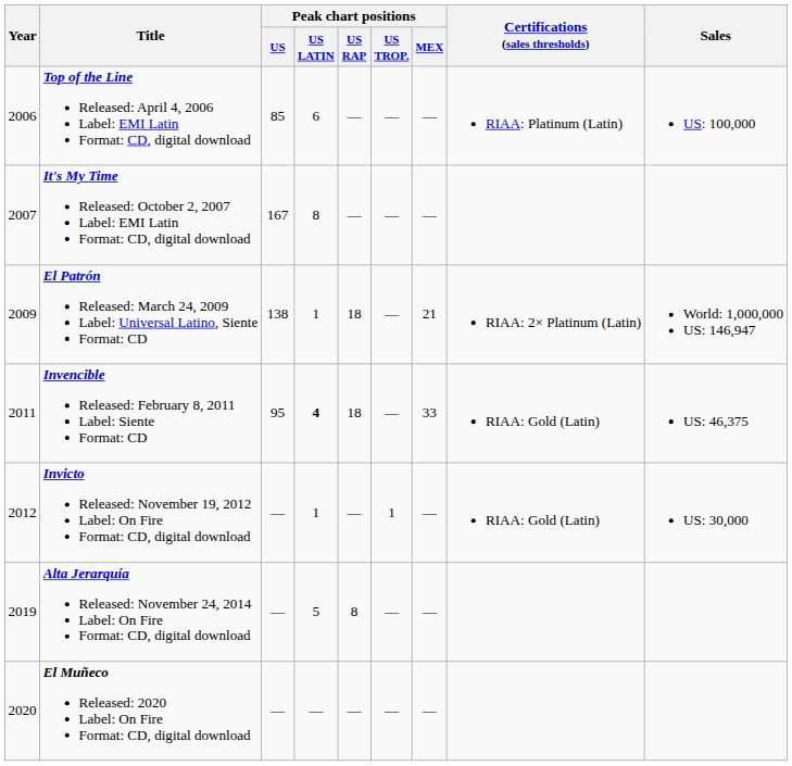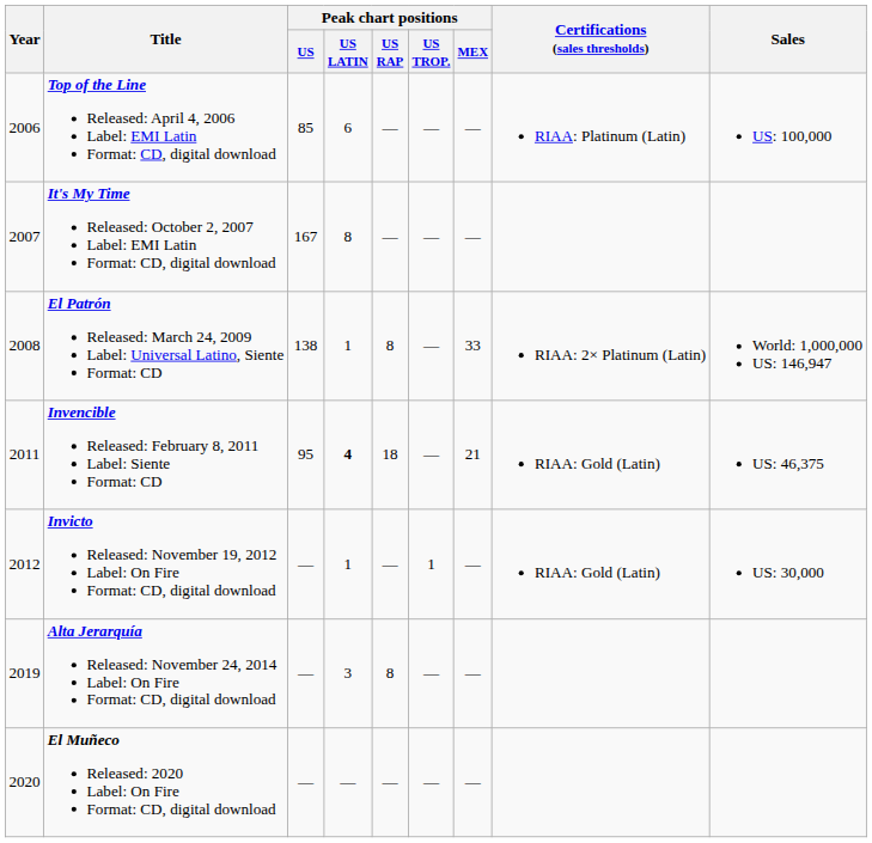 <table class="wikitable">
 <tr>
 <th align="center" rowspan="2">Year</th>
 <th align="center" rowspan="2">Title</th>
 <th colspan="5">Peak chart positions</th>
 <th rowspan="2"><a href='#'>Certifications</a><br><small>(<a href='#'>sales thresholds</a>)</small></th>
 <th rowspan="2">Sales</th>
 </tr>
 <tr>
 <th width="30"><small><a href='#'>US</a></small><br></th>
 <th width="30"><small><a href='#'>US<br>LATIN</a></small><br></th>
 <th width="30"><small><a href='#'>US<br>RAP</a></small><br></th>
 <th width="30"><small><a href='#'>US<br>TROP.</a></small><br></th>
 <th width="30"><small><a href='#'>MEX</a></small><br></th>
 </tr>
 <tr>
 <td align="center">2006</td>
 <td><strong><em><a href='#'>Top of the Line</a></em></strong><br><ul><li>Released: April 4, 2006</li><li>Label: <a href='#'>EMI Latin</a></li><li>Format: <a href='#'>CD</a>, digital download</li></ul></td>
 <td align="center">85</td>
 <td align="center">6</td>
 <td align="center">—</td>
 <td align="center">—</td>
 <td align="center">—</td>
 <td><br><ul><li><a href='#'>RIAA</a>: Platinum (Latin)</li></ul></td>
 <td><br><ul><li><a href='#'>US</a>: 100,000</li></ul></td>
 </tr>
 <tr>
 <td align="center">2007</td>
 <td><strong><em><a href='#'>It's My Time</a></em></strong><br><ul><li>Released: October 2, 2007</li><li>Label: EMI Latin</li><li>Format: CD, digital download</li></ul></td>
 <td align="center">167</td>
 <td align="center">8</td>
 <td align="center">—</td>
 <td align="center">—</td>
 <td align="center">—</td>
 <td></td>
 <td></td>
 </tr>
 <tr>
-<td align="center">2009</td>
+<td align="center">2008</td>
 <td><strong><em><a href='#'>El Patrón</a></em></strong><br><ul><li>Released: March 24, 2009</li><li>Label: <a href='#'>Universal Latino</a>, Siente</li><li>Format: CD</li></ul></td>
 <td align="center">138</td>
 <td align="center">1</td>
-<td align="center">18</td>
+<td align="center">8</td>
 <td align="center">—</td>
-<td align="center">21</td>
+<td align="center">33</td>
 <td><br><ul><li>RIAA: 2× Platinum (Latin)</li></ul></td>
 <td><br><ul><li>World: 1,000,000</li><li>US: 146,947</li></ul></td>
 </tr>
 <tr>
 <td align="center">2011</td>
 <td><strong><em><a href='#'>Invencible</a></em></strong><br><ul><li>Released: February 8, 2011</li><li>Label: Siente</li><li>Format: CD</li></ul></td>
 <td align="center">95</td>
 <td align="center"><strong>4</strong></td>
 <td align="center">18</td>
 <td align="center">—</td>
-<td align="center">33</td>
+<td align="center">21</td>
 <td><br><ul><li>RIAA: Gold (Latin)</li></ul></td>
 <td><br><ul><li>US: 46,375</li></ul></td>
 </tr>
 <tr>
 <td align="center">2012</td>
 <td><strong><em><a href='#'>Invicto</a></em></strong><br><ul><li>Released: November 19, 2012</li><li>Label: On Fire</li><li>Format: CD, digital download</li></ul></td>
 <td align="center">—</td>
 <td align="center">1</td>
 <td align="center">—</td>
 <td align="center">1</td>
 <td align="center">—</td>
 <td><br><ul><li>RIAA: Gold (Latin)</li></ul></td>
 <td><br><ul><li>US: 30,000</li></ul></td>
 </tr>
 <tr>
 <td align="center">2019</td>
 <td><strong><em><a href='#'>Alta Jerarquía</a></em></strong><br><ul><li>Released: November 24, 2014</li><li>Label: On Fire</li><li>Format: CD, digital download</li></ul></td>
 <td align="center">—</td>
-<td align="center">5</td>
+<td align="center">3</td>
 <td align="center">8</td>
 <td align="center">—</td>
 <td align="center">—</td>
 <td></td>
 <td></td>
 </tr>
 <tr>
 <td align="center">2020</td>
 <td><strong><em>El Muñeco</em></strong><br><ul><li>Released: 2020</li><li>Label: On Fire</li><li>Format: CD, digital download</li></ul></td>
 <td align="center">—</td>
 <td align="center">—</td>
 <td align="center">—</td>
 <td align="center">—</td>
 <td align="center">—</td>
 <td></td>
 <td></td>
 </tr>
 </table>
